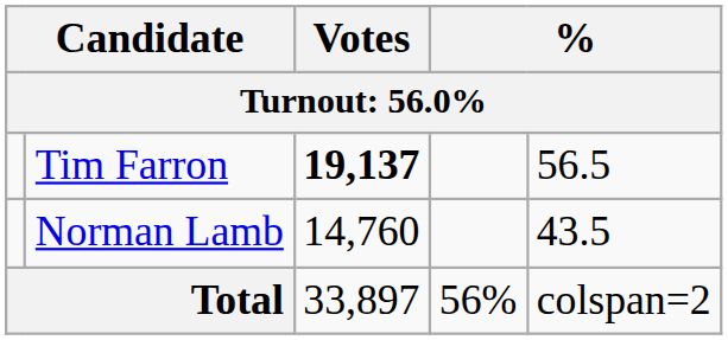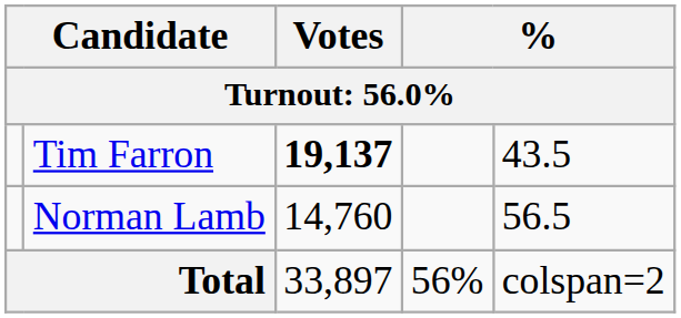 <table class="wikitable plainrowheaders">
 <tr>
 <th colspan="2">Candidate</th>
 <th>Votes</th>
 <th colspan="2">%</th>
 </tr>
 <tr style="font-size:85%">
 <th scope="row" colspan=5 style="text-align:center"><strong>Turnout:</strong>  56.0%</th>
 </tr>
 <tr>
 <td style="background:"></td>
 <td><a href='#'>Tim Farron</a> </td>
 <td><strong>19,137</strong></td>
 <td></td>
-<td>56.5</td>
+<td>43.5</td>
 </tr>
 <tr>
 <td style="background:"></td>
 <td><a href='#'>Norman Lamb</a></td>
 <td>14,760</td>
 <td></td>
-<td>43.5</td>
+<td>56.5</td>
 </tr>
 <tr>
 <th style="text-align:right;" colspan="2">Total</th>
 <td>33,897</td>
 <td>56%</td>
 <td>colspan=2 </td>
 </tr>
 </table>
